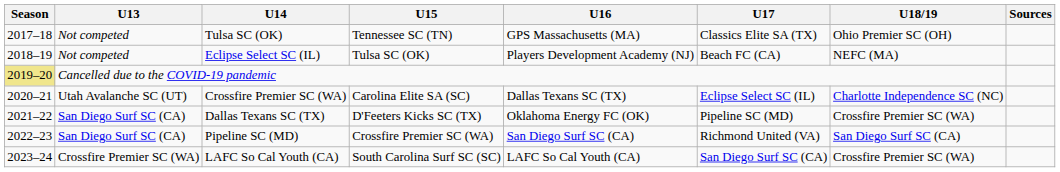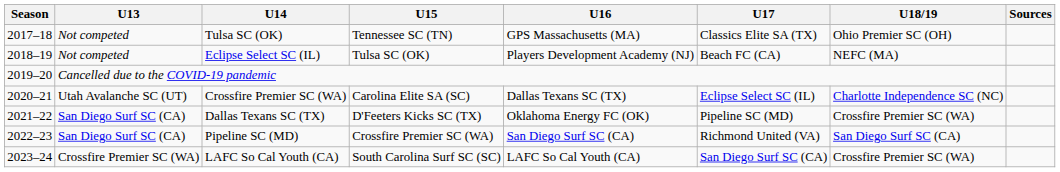 <table class="wikitable sortable" style="text-align: left;">
 <tr>
 <th>Season</th>
 <th>U13</th>
 <th>U14</th>
 <th>U15</th>
 <th>U16</th>
 <th>U17</th>
 <th>U18/19</th>
 <th>Sources</th>
 </tr>
 <tr>
 <td>2017–18</td>
 <td><em>Not competed</em></td>
 <td>Tulsa SC (OK)</td>
 <td>Tennessee SC (TN)</td>
 <td>GPS Massachusetts (MA)</td>
 <td>Classics Elite SA (TX)</td>
 <td>Ohio Premier SC (OH)</td>
 <td></td>
 </tr>
 <tr>
 <td>2018–19</td>
 <td><em>Not competed</em></td>
 <td><a href='#'>Eclipse Select SC</a> (IL)</td>
 <td>Tulsa SC (OK)</td>
 <td>Players Development Academy (NJ)</td>
 <td>Beach FC (CA)</td>
 <td>NEFC (MA)</td>
 <td></td>
 </tr>
 <tr>
-<td style="background: khaki;">2019–20</td>
+<td>2019–20</td>
 <td colspan="6"><em>Cancelled due to the <a href='#'>COVID-19 pandemic</a></em></td>
 <td></td>
 </tr>
 <tr>
 <td>2020–21</td>
 <td>Utah Avalanche SC (UT)</td>
 <td>Crossfire Premier SC (WA)</td>
 <td>Carolina Elite SA (SC)</td>
 <td>Dallas Texans SC (TX)</td>
 <td><a href='#'>Eclipse Select SC</a> (IL)</td>
 <td><a href='#'>Charlotte Independence SC</a> (NC)</td>
 <td></td>
 </tr>
 <tr>
 <td>2021–22</td>
 <td><a href='#'>San Diego Surf SC</a> (CA)</td>
 <td>Dallas Texans SC (TX)</td>
 <td>D'Feeters Kicks SC (TX)</td>
 <td>Oklahoma Energy FC (OK)</td>
 <td>Pipeline SC (MD)</td>
 <td>Crossfire Premier SC (WA)</td>
 <td></td>
 </tr>
 <tr>
 <td>2022–23</td>
 <td><a href='#'>San Diego Surf SC</a> (CA)</td>
 <td>Pipeline SC (MD)</td>
 <td>Crossfire Premier SC (WA)</td>
 <td><a href='#'>San Diego Surf SC</a> (CA)</td>
 <td>Richmond United (VA)</td>
 <td><a href='#'>San Diego Surf SC</a> (CA)</td>
 <td></td>
 </tr>
 <tr>
 <td>2023–24</td>
 <td>Crossfire Premier SC (WA)</td>
 <td>LAFC So Cal Youth (CA)</td>
 <td>South Carolina Surf SC (SC)</td>
 <td>LAFC So Cal Youth (CA)</td>
 <td><a href='#'>San Diego Surf SC</a> (CA)</td>
 <td>Crossfire Premier SC (WA)</td>
 <td></td>
 </tr>
 </table>
